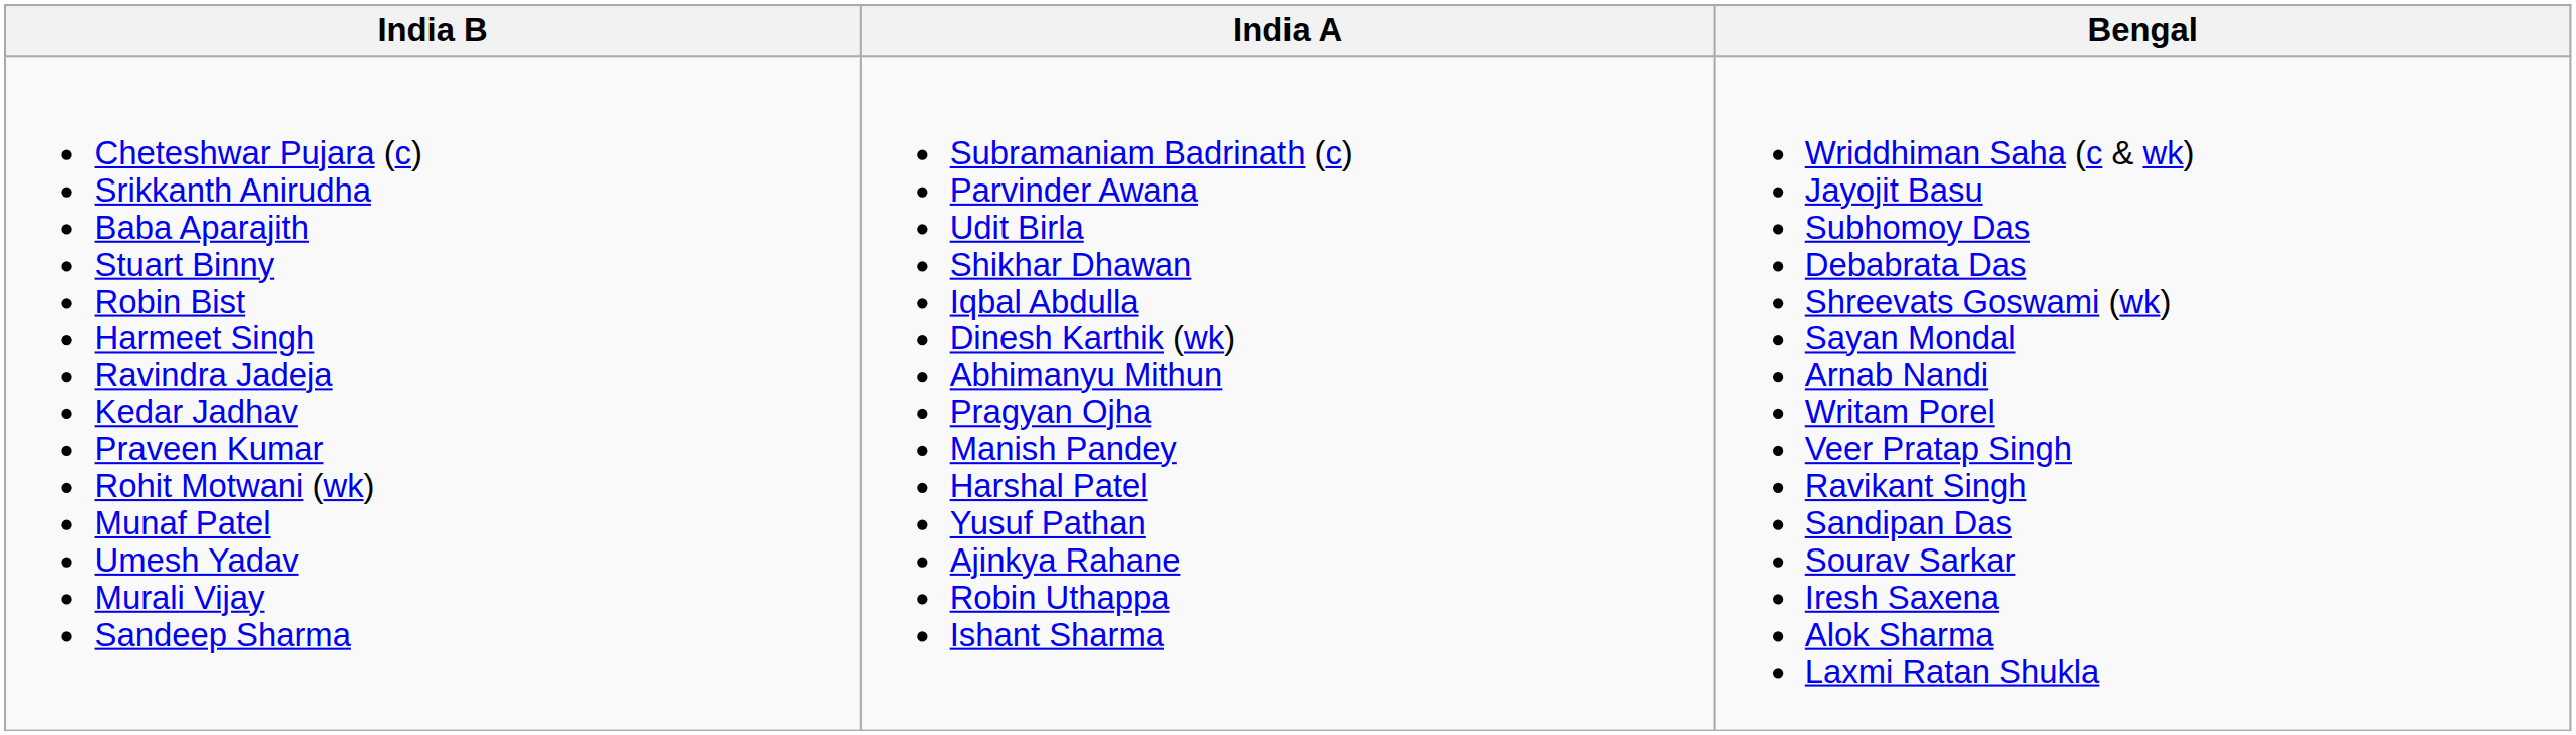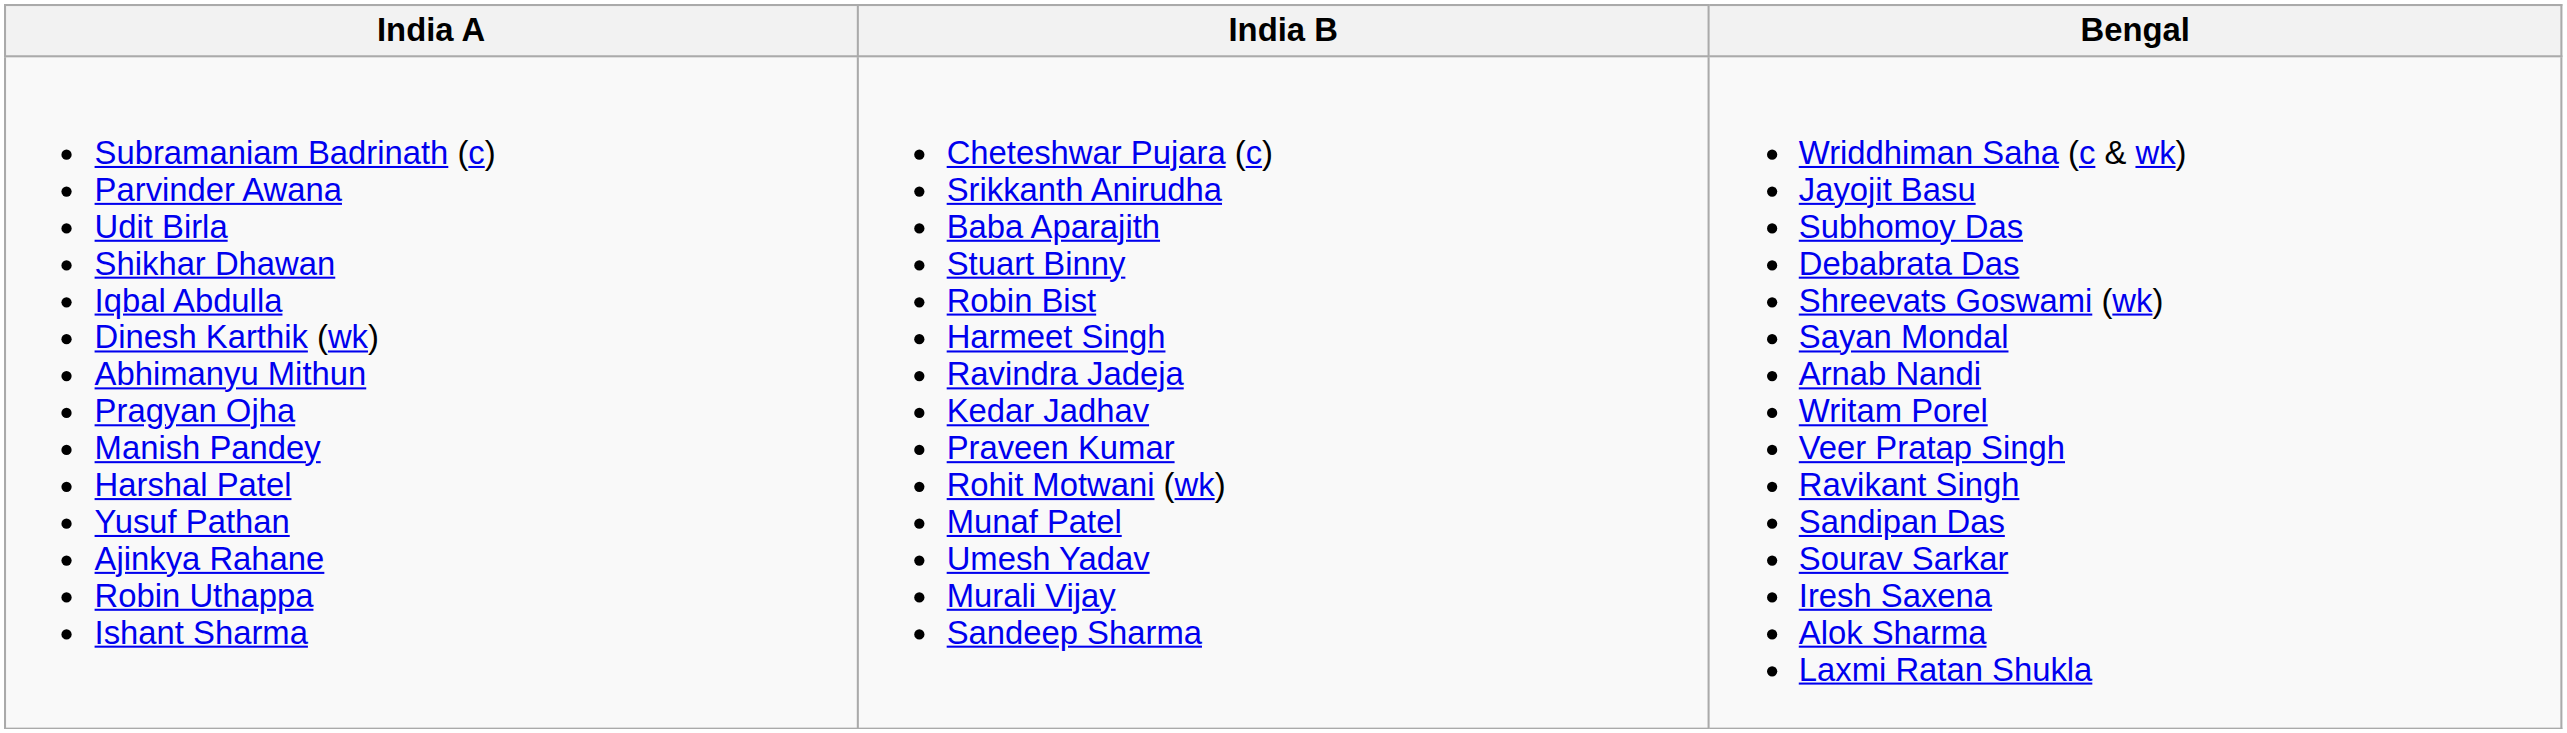 <table class="wikitable">
 <tr>
+<th style="width:15%;"> India A </th>
 <th style="width:15%;"> India B </th>
-<th style="width:15%;"> India A </th>
 <th style="width:15%;"> Bengal </th>
 </tr>
 <tr style="vertical-align:top">
+<td><br><ul><li><a href='#'>Subramaniam Badrinath</a> (<a href='#'>c</a>)</li><li><a href='#'>Parvinder Awana</a></li><li><a href='#'>Udit Birla</a></li><li><a href='#'>Shikhar Dhawan</a></li><li><a href='#'>Iqbal Abdulla</a></li><li><a href='#'>Dinesh Karthik</a> (<a href='#'>wk</a>)</li><li><a href='#'>Abhimanyu Mithun</a></li><li><a href='#'>Pragyan Ojha</a></li><li><a href='#'>Manish Pandey</a></li><li><a href='#'>Harshal Patel</a></li><li><a href='#'>Yusuf Pathan</a></li><li><a href='#'>Ajinkya Rahane</a></li><li><a href='#'>Robin Uthappa</a></li><li><a href='#'>Ishant Sharma</a></li></ul></td>
 <td><br><ul><li><a href='#'>Cheteshwar Pujara</a> (<a href='#'>c</a>)</li><li><a href='#'>Srikkanth Anirudha</a></li><li><a href='#'>Baba Aparajith</a></li><li><a href='#'>Stuart Binny</a></li><li><a href='#'>Robin Bist</a></li><li><a href='#'>Harmeet Singh</a></li><li><a href='#'>Ravindra Jadeja</a></li><li><a href='#'>Kedar Jadhav</a></li><li><a href='#'>Praveen Kumar</a></li><li><a href='#'>Rohit Motwani</a> (<a href='#'>wk</a>)</li><li><a href='#'>Munaf Patel</a></li><li><a href='#'>Umesh Yadav</a></li><li><a href='#'>Murali Vijay</a></li><li><a href='#'>Sandeep Sharma</a></li></ul></td>
-<td><br><ul><li><a href='#'>Subramaniam Badrinath</a> (<a href='#'>c</a>)</li><li><a href='#'>Parvinder Awana</a></li><li><a href='#'>Udit Birla</a></li><li><a href='#'>Shikhar Dhawan</a></li><li><a href='#'>Iqbal Abdulla</a></li><li><a href='#'>Dinesh Karthik</a> (<a href='#'>wk</a>)</li><li><a href='#'>Abhimanyu Mithun</a></li><li><a href='#'>Pragyan Ojha</a></li><li><a href='#'>Manish Pandey</a></li><li><a href='#'>Harshal Patel</a></li><li><a href='#'>Yusuf Pathan</a></li><li><a href='#'>Ajinkya Rahane</a></li><li><a href='#'>Robin Uthappa</a></li><li><a href='#'>Ishant Sharma</a></li></ul></td>
 <td><br><ul><li><a href='#'>Wriddhiman Saha</a> (<a href='#'>c</a> & <a href='#'>wk</a>)</li><li><a href='#'>Jayojit Basu</a></li><li><a href='#'>Subhomoy Das</a></li><li><a href='#'>Debabrata Das</a></li><li><a href='#'>Shreevats Goswami</a> (<a href='#'>wk</a>)</li><li><a href='#'>Sayan Mondal</a></li><li><a href='#'>Arnab Nandi</a></li><li><a href='#'>Writam Porel</a></li><li><a href='#'>Veer Pratap Singh</a></li><li><a href='#'>Ravikant Singh</a></li><li><a href='#'>Sandipan Das</a></li><li><a href='#'>Sourav Sarkar</a></li><li><a href='#'>Iresh Saxena</a></li><li><a href='#'>Alok Sharma</a></li><li><a href='#'>Laxmi Ratan Shukla</a></li></ul></td>
 </tr>
 </table>
